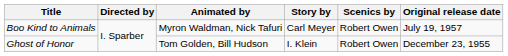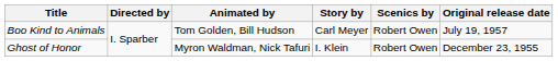 <table class="wikitable shortable">
 <tr>
 <th>Title</th>
 <th>Directed by</th>
 <th>Animated by</th>
 <th>Story by</th>
 <th>Scenics by</th>
 <th>Original release date</th>
 </tr>
 <tr>
 <td><em>Boo Kind to Animals</em></td>
 <td rowspan="2">I. Sparber</td>
-<td>Myron Waldman, Nick Tafuri</td>
+<td>Tom Golden, Bill Hudson</td>
 <td>Carl Meyer</td>
 <td>Robert Owen</td>
 <td>July 19, 1957</td>
 </tr>
 <tr>
 <td><em>Ghost of Honor</em></td>
-<td>Tom Golden, Bill Hudson</td>
+<td>Myron Waldman, Nick Tafuri</td>
 <td>I. Klein</td>
 <td>Robert Owen</td>
 <td>December 23, 1955</td>
 </tr>
 </table>
